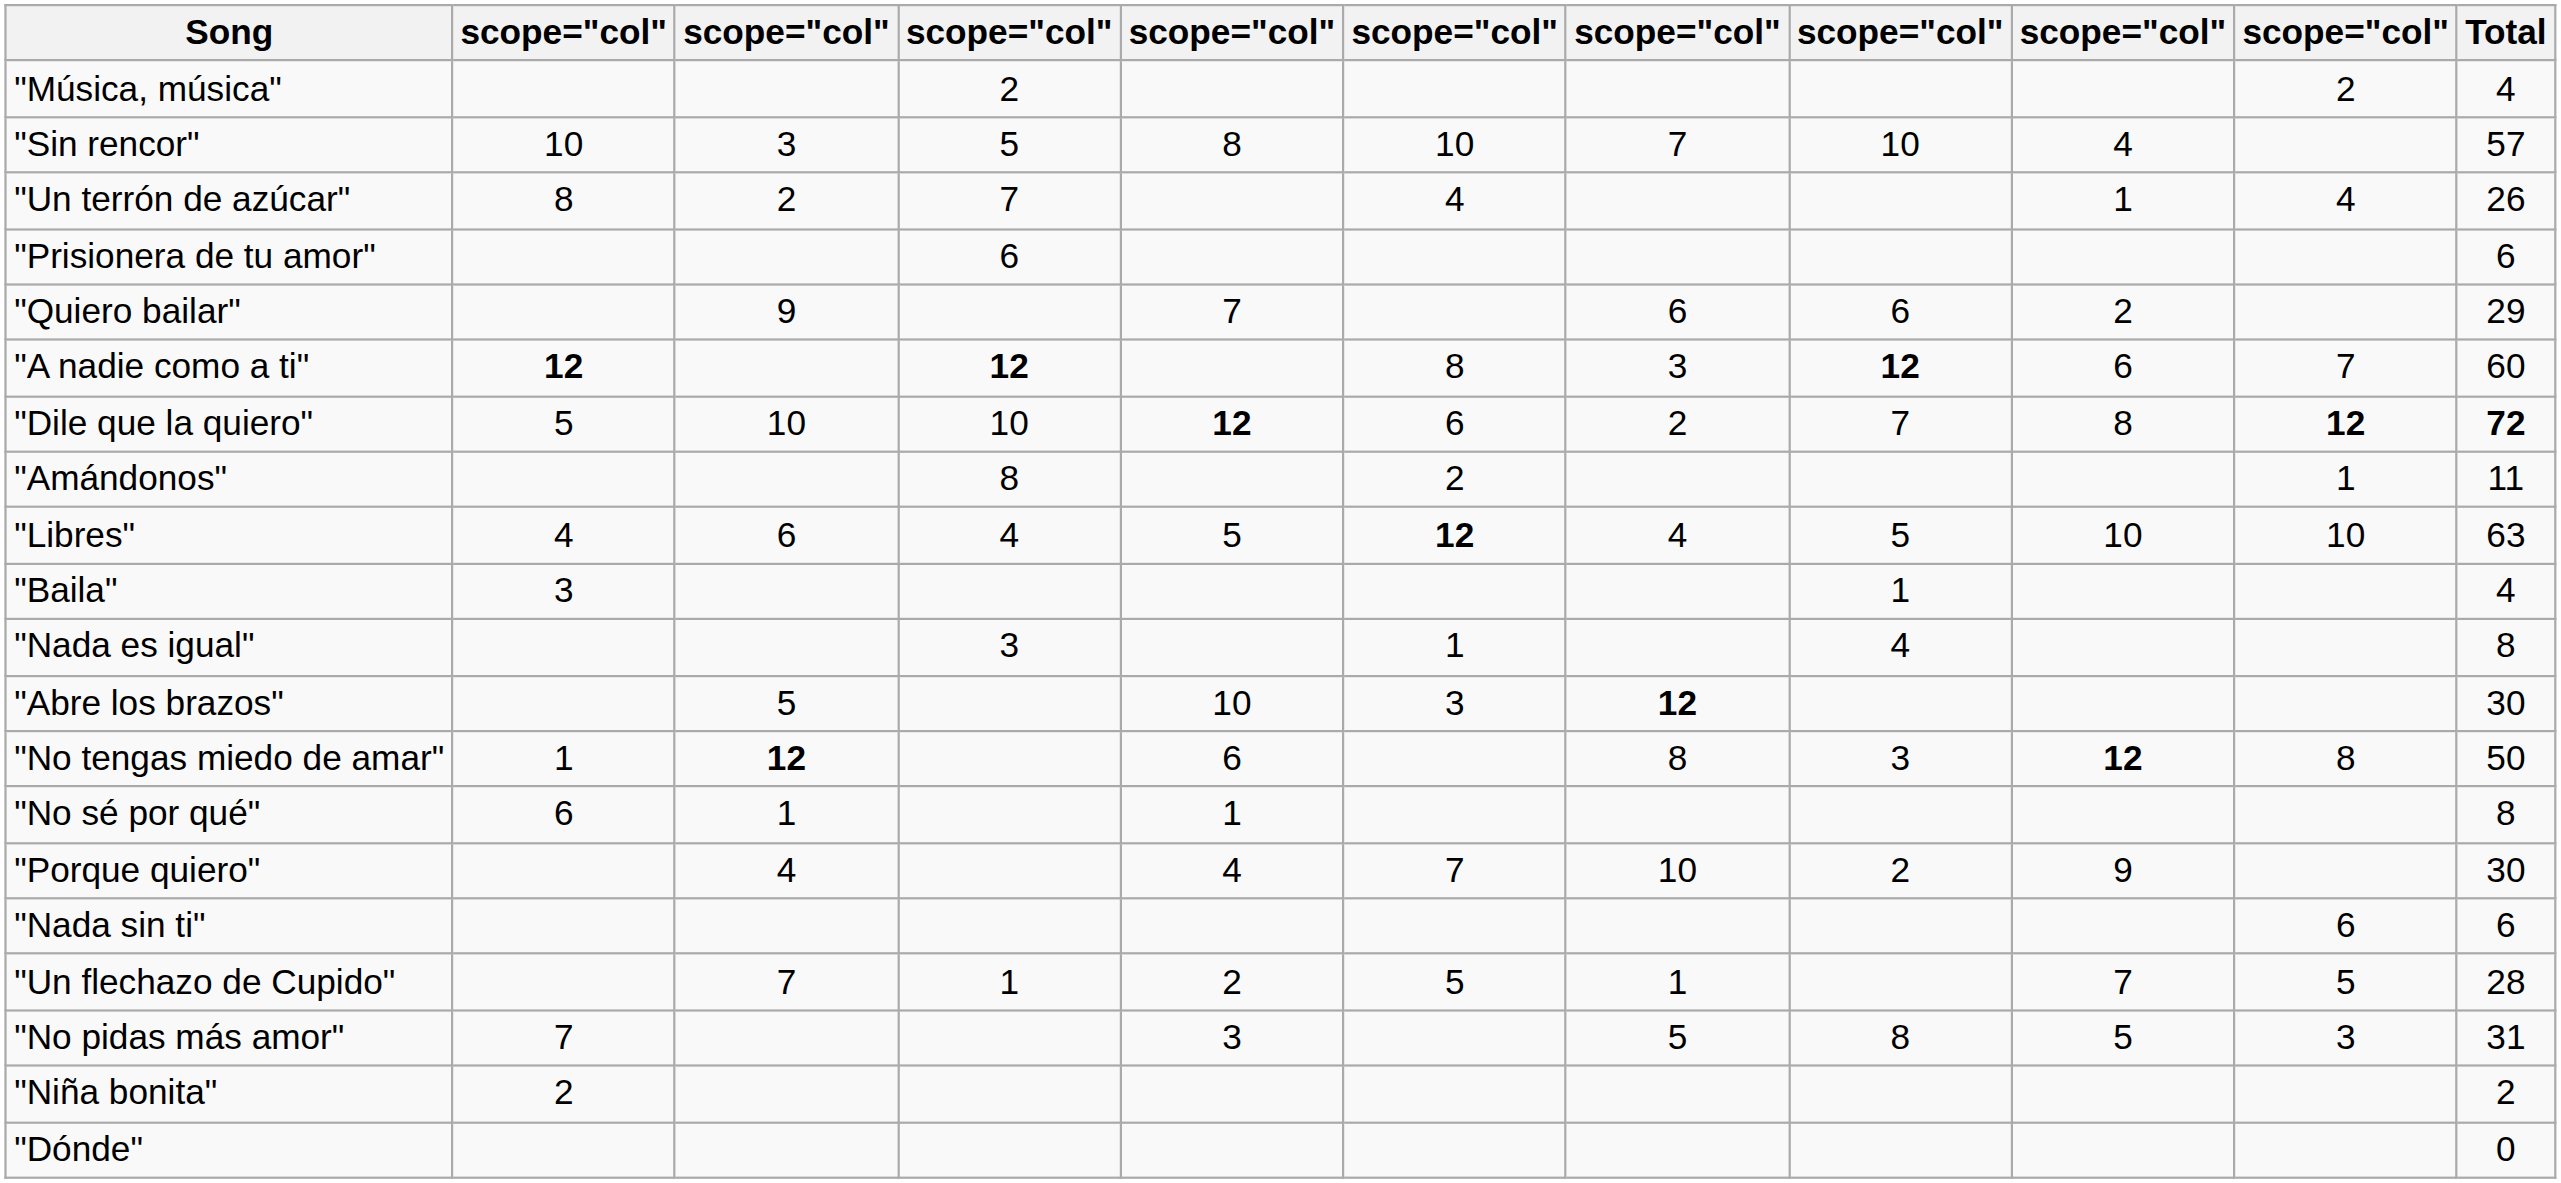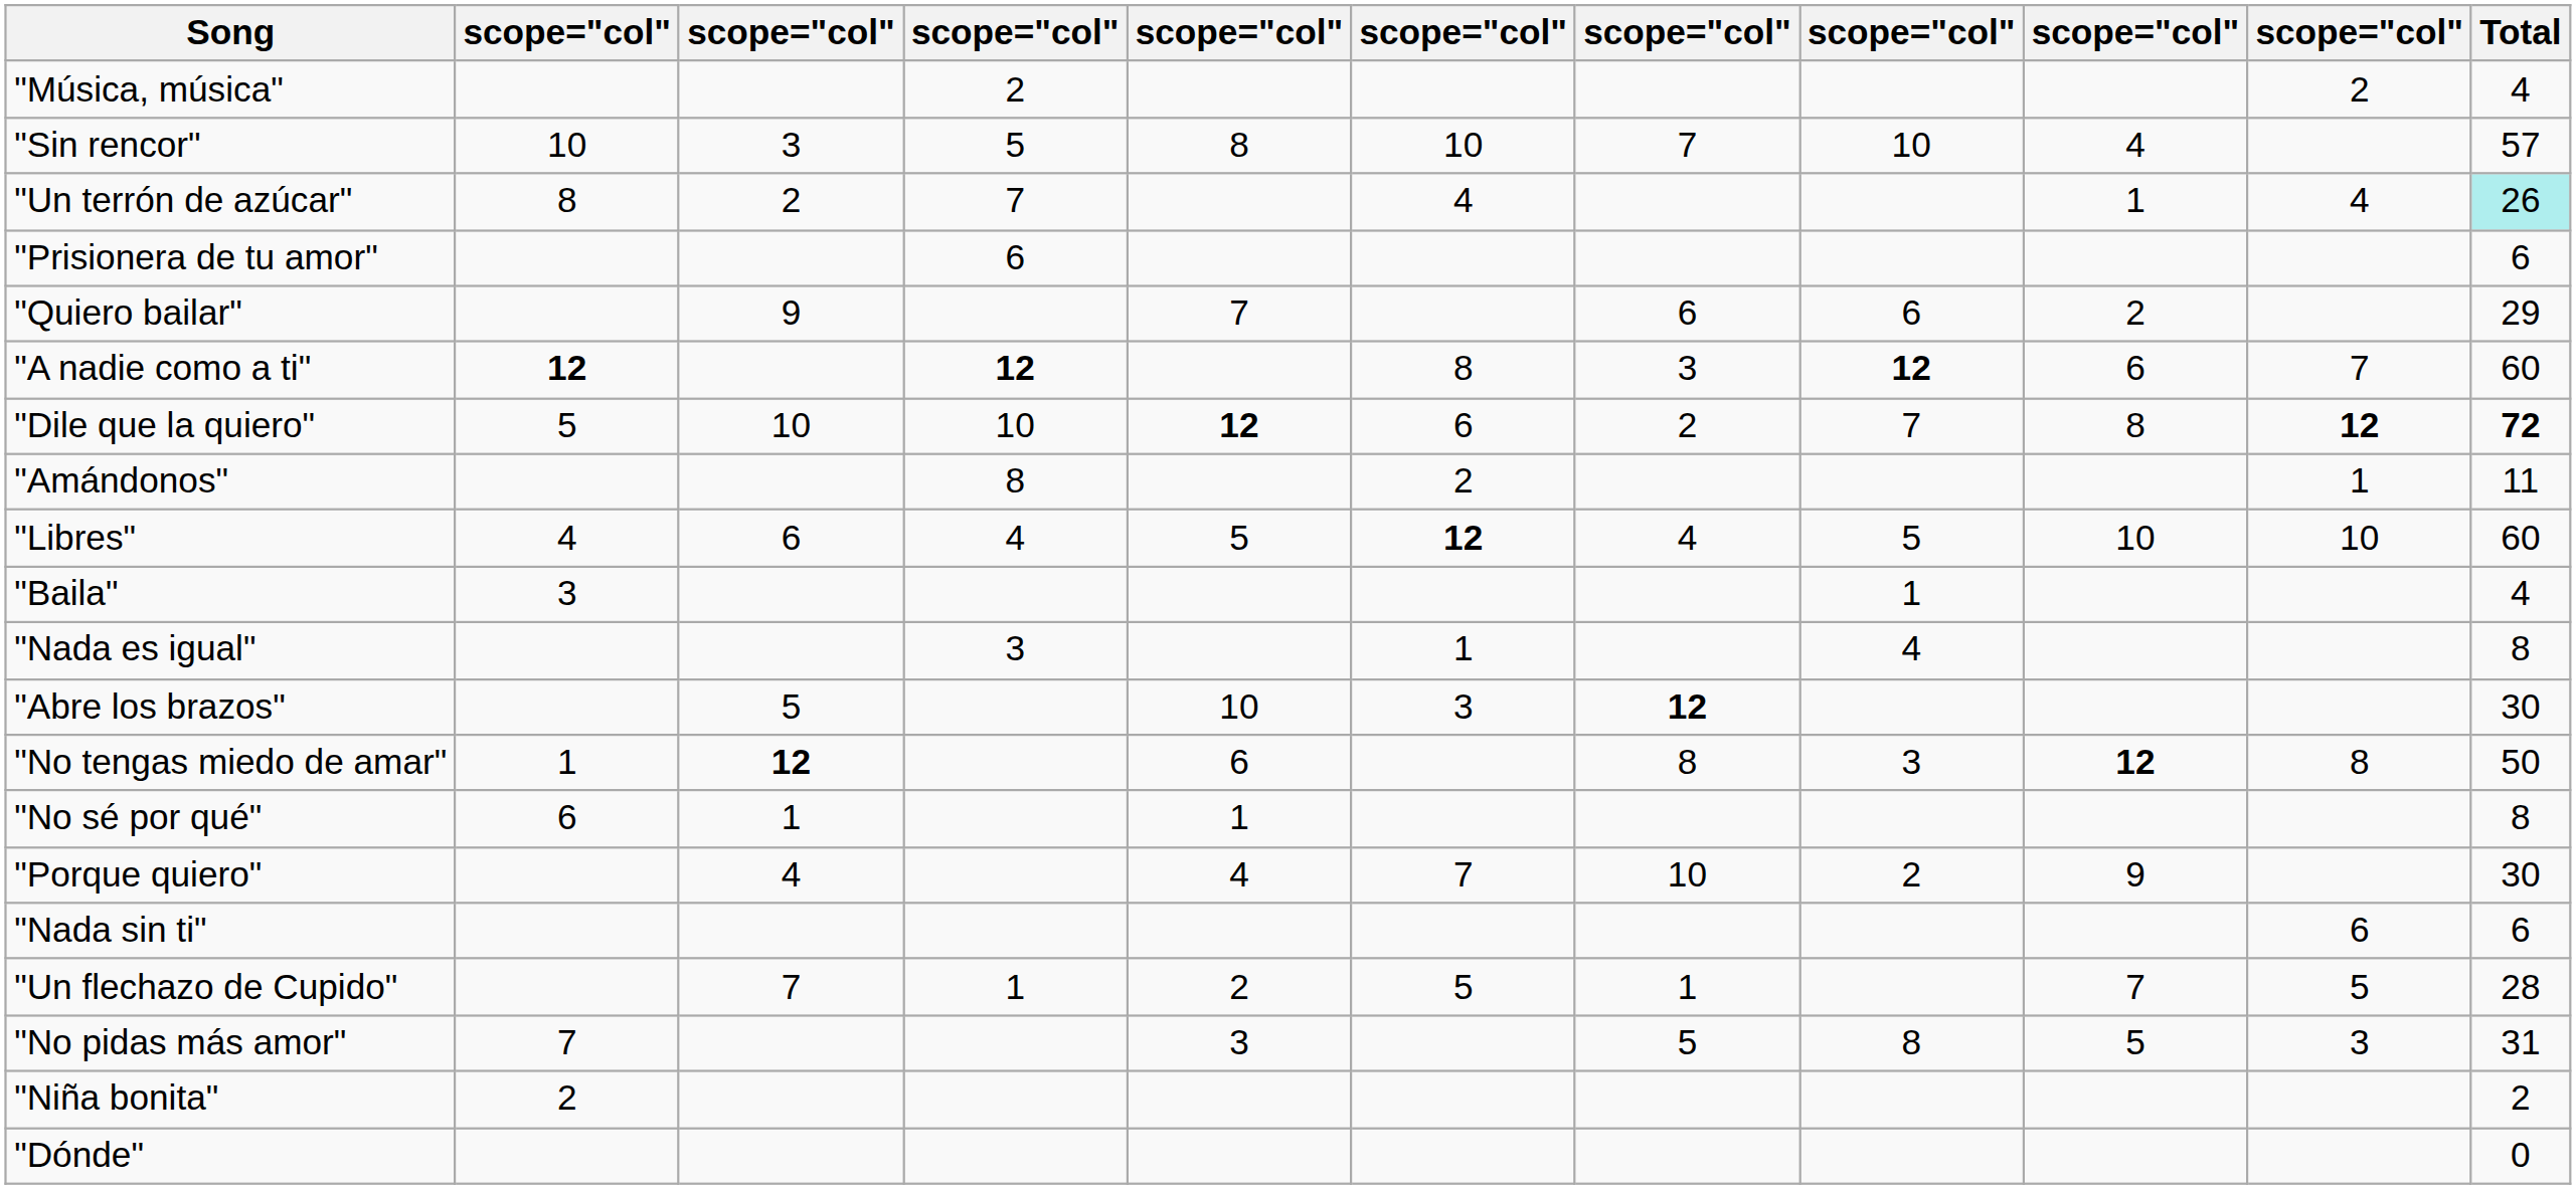 <table class="wikitable" style="margin: 1em auto 1em auto; text-align:center;">
 <tr>
 <th>Song</th>
 <th>scope="col" </th>
 <th>scope="col" </th>
 <th>scope="col" </th>
 <th>scope="col" </th>
 <th>scope="col" </th>
 <th>scope="col" </th>
 <th>scope="col" </th>
 <th>scope="col" </th>
 <th>scope="col" </th>
 <th>Total</th>
 </tr>
 <tr>
 <td align="left">"Música, música"</td>
 <td></td>
 <td></td>
 <td>2</td>
 <td></td>
 <td></td>
 <td></td>
 <td></td>
 <td></td>
 <td>2</td>
 <td>4</td>
 </tr>
 <tr>
 <td align="left">"Sin rencor"</td>
 <td>10</td>
 <td>3</td>
 <td>5</td>
 <td>8</td>
 <td>10</td>
 <td>7</td>
 <td>10</td>
 <td>4</td>
 <td></td>
 <td>57</td>
 </tr>
 <tr>
 <td align="left">"Un terrón de azúcar"</td>
 <td>8</td>
 <td>2</td>
 <td>7</td>
 <td></td>
 <td>4</td>
 <td></td>
 <td></td>
 <td>1</td>
 <td>4</td>
-<td>26</td>
+<td style="background: paleturquoise;">26</td>
 </tr>
 <tr>
 <td align="left">"Prisionera de tu amor"</td>
 <td></td>
 <td></td>
 <td>6</td>
 <td></td>
 <td></td>
 <td></td>
 <td></td>
 <td></td>
 <td></td>
 <td>6</td>
 </tr>
 <tr>
 <td align="left">"Quiero bailar"</td>
 <td></td>
 <td>9</td>
 <td></td>
 <td>7</td>
 <td></td>
 <td>6</td>
 <td>6</td>
 <td>2</td>
 <td></td>
 <td>29</td>
 </tr>
 <tr>
 <td align="left">"A nadie como a ti"</td>
 <td><strong>12</strong></td>
 <td></td>
 <td><strong>12</strong></td>
 <td></td>
 <td>8</td>
 <td>3</td>
 <td><strong>12</strong></td>
 <td>6</td>
 <td>7</td>
 <td>60</td>
 </tr>
 <tr>
 <td align="left">"Dile que la quiero"</td>
 <td>5</td>
 <td>10</td>
 <td>10</td>
 <td><strong>12</strong></td>
 <td>6</td>
 <td>2</td>
 <td>7</td>
 <td>8</td>
 <td><strong>12</strong></td>
 <td><strong>72</strong></td>
 </tr>
 <tr>
 <td align="left">"Amándonos"</td>
 <td></td>
 <td></td>
 <td>8</td>
 <td></td>
 <td>2</td>
 <td></td>
 <td></td>
 <td></td>
 <td>1</td>
 <td>11</td>
 </tr>
 <tr>
 <td align="left">"Libres"</td>
 <td>4</td>
 <td>6</td>
 <td>4</td>
 <td>5</td>
 <td><strong>12</strong></td>
 <td>4</td>
 <td>5</td>
 <td>10</td>
 <td>10</td>
-<td>63</td>
+<td>60</td>
 </tr>
 <tr>
 <td align="left">"Baila"</td>
 <td>3</td>
 <td></td>
 <td></td>
 <td></td>
 <td></td>
 <td></td>
 <td>1</td>
 <td></td>
 <td></td>
 <td>4</td>
 </tr>
 <tr>
 <td align="left">"Nada es igual"</td>
 <td></td>
 <td></td>
 <td>3</td>
 <td></td>
 <td>1</td>
 <td></td>
 <td>4</td>
 <td></td>
 <td></td>
 <td>8</td>
 </tr>
 <tr>
 <td align="left">"Abre los brazos"</td>
 <td></td>
 <td>5</td>
 <td></td>
 <td>10</td>
 <td>3</td>
 <td><strong>12</strong></td>
 <td></td>
 <td></td>
 <td></td>
 <td>30</td>
 </tr>
 <tr>
 <td align="left">"No tengas miedo de amar"</td>
 <td>1</td>
 <td><strong>12</strong></td>
 <td></td>
 <td>6</td>
 <td></td>
 <td>8</td>
 <td>3</td>
 <td><strong>12</strong></td>
 <td>8</td>
 <td>50</td>
 </tr>
 <tr>
 <td align="left">"No sé por qué"</td>
 <td>6</td>
 <td>1</td>
 <td></td>
 <td>1</td>
 <td></td>
 <td></td>
 <td></td>
 <td></td>
 <td></td>
 <td>8</td>
 </tr>
 <tr>
 <td align="left">"Porque quiero"</td>
 <td></td>
 <td>4</td>
 <td></td>
 <td>4</td>
 <td>7</td>
 <td>10</td>
 <td>2</td>
 <td>9</td>
 <td></td>
 <td>30</td>
 </tr>
 <tr>
 <td align="left">"Nada sin ti"</td>
 <td></td>
 <td></td>
 <td></td>
 <td></td>
 <td></td>
 <td></td>
 <td></td>
 <td></td>
 <td>6</td>
 <td>6</td>
 </tr>
 <tr>
 <td align="left">"Un flechazo de Cupido"</td>
 <td></td>
 <td>7</td>
 <td>1</td>
 <td>2</td>
 <td>5</td>
 <td>1</td>
 <td></td>
 <td>7</td>
 <td>5</td>
 <td>28</td>
 </tr>
 <tr>
 <td align="left">"No pidas más amor"</td>
 <td>7</td>
 <td></td>
 <td></td>
 <td>3</td>
 <td></td>
 <td>5</td>
 <td>8</td>
 <td>5</td>
 <td>3</td>
 <td>31</td>
 </tr>
 <tr>
 <td align="left">"Niña bonita"</td>
 <td>2</td>
 <td></td>
 <td></td>
 <td></td>
 <td></td>
 <td></td>
 <td></td>
 <td></td>
 <td></td>
 <td>2</td>
 </tr>
 <tr>
 <td align="left">"Dónde"</td>
 <td></td>
 <td></td>
 <td></td>
 <td></td>
 <td></td>
 <td></td>
 <td></td>
 <td></td>
 <td></td>
 <td>0</td>
 </tr>
 </table>
